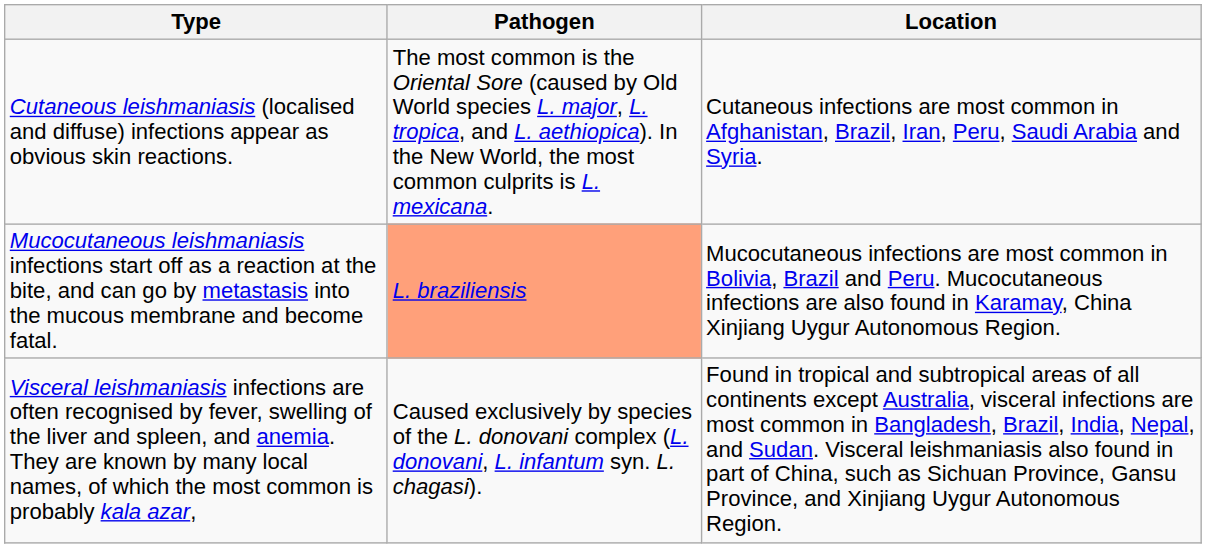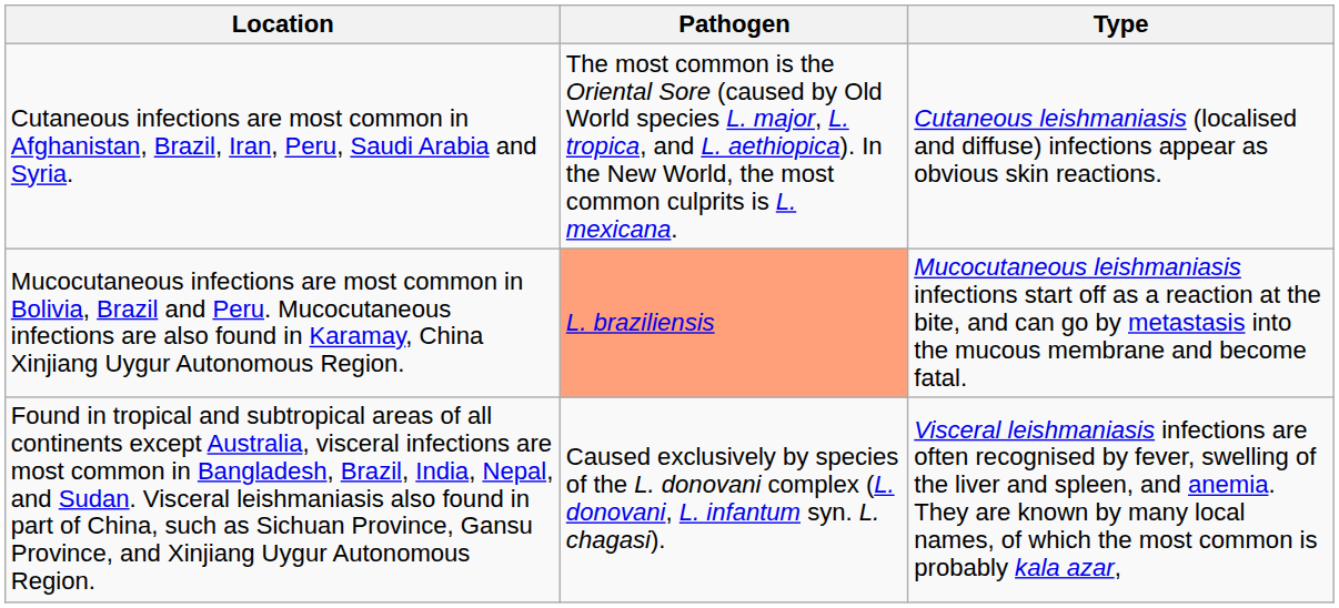 <table class="wikitable">
 <tr>
+<th>Location</th>
+<th>Pathogen</th>
 <th>Type</th>
-<th>Pathogen</th>
-<th>Location</th>
 </tr>
 <tr>
+<td>Cutaneous infections are most common in <a href='#'>Afghanistan</a>, <a href='#'>Brazil</a>, <a href='#'>Iran</a>, <a href='#'>Peru</a>, <a href='#'>Saudi Arabia</a> and <a href='#'>Syria</a>.</td>
+<td>The most common is the <em>Oriental Sore</em> (caused by Old World species <em><a href='#'>L. major</a></em>, <em><a href='#'>L. tropica</a></em>, and <em><a href='#'>L. aethiopica</a></em>).  In the New World, the most common culprits is <em><a href='#'>L. mexicana</a></em>.</td>
 <td><em><a href='#'>Cutaneous leishmaniasis</a></em> (localised and diffuse) infections appear as obvious skin reactions.</td>
-<td>The most common is the <em>Oriental Sore</em> (caused by Old World species <em><a href='#'>L. major</a></em>, <em><a href='#'>L. tropica</a></em>, and <em><a href='#'>L. aethiopica</a></em>).  In the New World, the most common culprits is <em><a href='#'>L. mexicana</a></em>.</td>
-<td>Cutaneous infections are most common in <a href='#'>Afghanistan</a>, <a href='#'>Brazil</a>, <a href='#'>Iran</a>, <a href='#'>Peru</a>, <a href='#'>Saudi Arabia</a> and <a href='#'>Syria</a>.</td>
 </tr>
 <tr>
+<td>Mucocutaneous infections are most common in <a href='#'>Bolivia</a>, <a href='#'>Brazil</a> and <a href='#'>Peru</a>. Mucocutaneous infections are also found in <a href='#'>Karamay</a>, China Xinjiang Uygur Autonomous Region.</td>
+<td style="background: lightsalmon;"><em><a href='#'>L. braziliensis</a></em></td>
 <td><em><a href='#'>Mucocutaneous leishmaniasis</a></em>  infections start off as a reaction at the bite, and can go by <a href='#'>metastasis</a> into the mucous membrane and become fatal.</td>
-<td style="background: lightsalmon;"><em><a href='#'>L. braziliensis</a></em></td>
-<td>Mucocutaneous infections are most common in <a href='#'>Bolivia</a>, <a href='#'>Brazil</a> and <a href='#'>Peru</a>. Mucocutaneous infections are also found in <a href='#'>Karamay</a>, China Xinjiang Uygur Autonomous Region.</td>
 </tr>
 <tr>
+<td>Found in tropical and subtropical areas of all continents except <a href='#'>Australia</a>, visceral infections are most common in <a href='#'>Bangladesh</a>, <a href='#'>Brazil</a>, <a href='#'>India</a>, <a href='#'>Nepal</a>, and <a href='#'>Sudan</a>. Visceral leishmaniasis also found in part of China, such as Sichuan Province, Gansu Province, and Xinjiang Uygur Autonomous Region.</td>
+<td>Caused exclusively by species of the <em>L. donovani</em> complex (<em><a href='#'>L. donovani</a></em>, <em><a href='#'>L. infantum</a></em> syn. <em>L. chagasi</em>).</td>
 <td><em><a href='#'>Visceral leishmaniasis</a></em> infections are often recognised by fever, swelling of the liver and spleen, and <a href='#'>anemia</a>.  They are known by many local names, of which the most common is probably <em><a href='#'>kala azar</a></em>,</td>
-<td>Caused exclusively by species of the <em>L. donovani</em> complex (<em><a href='#'>L. donovani</a></em>, <em><a href='#'>L. infantum</a></em> syn. <em>L. chagasi</em>).</td>
-<td>Found in tropical and subtropical areas of all continents except <a href='#'>Australia</a>, visceral infections are most common in <a href='#'>Bangladesh</a>, <a href='#'>Brazil</a>, <a href='#'>India</a>, <a href='#'>Nepal</a>, and <a href='#'>Sudan</a>. Visceral leishmaniasis also found in part of China, such as Sichuan Province, Gansu Province, and Xinjiang Uygur Autonomous Region.</td>
 </tr>
 </table>
